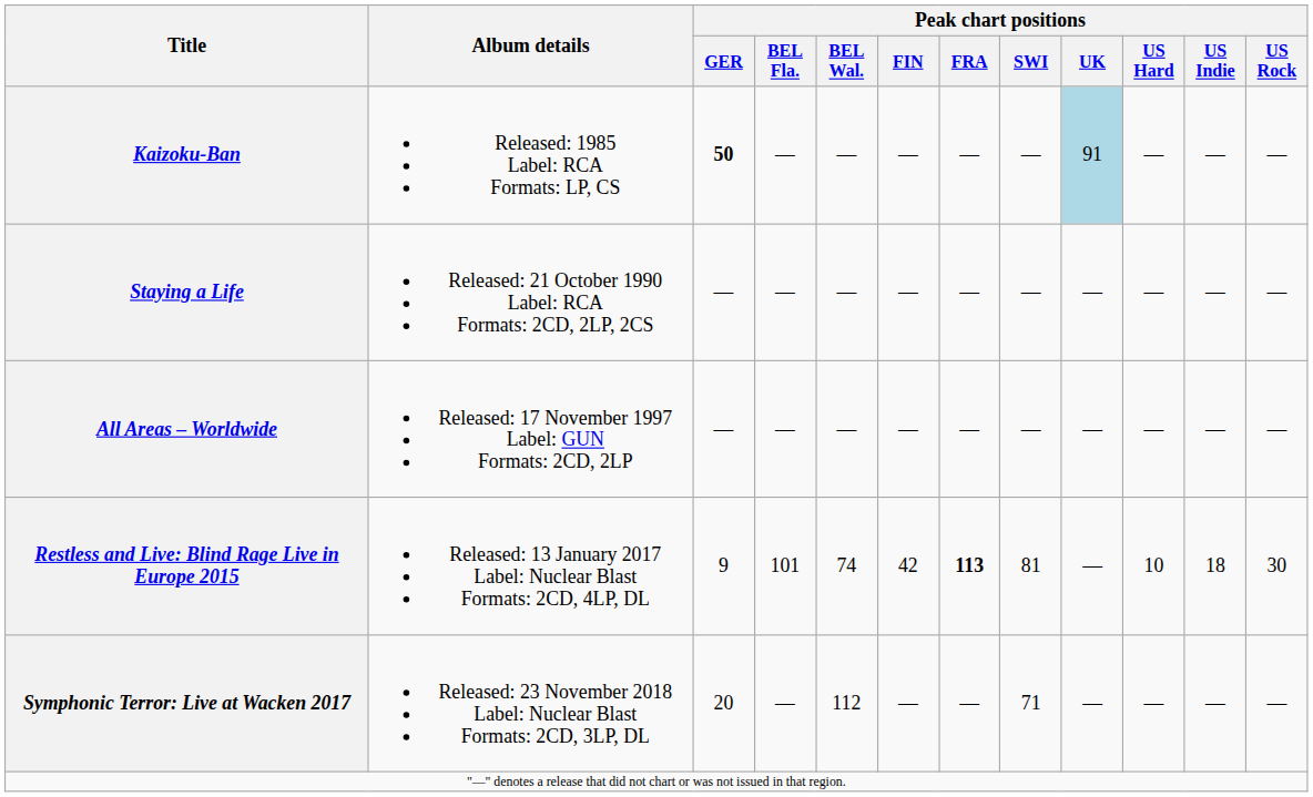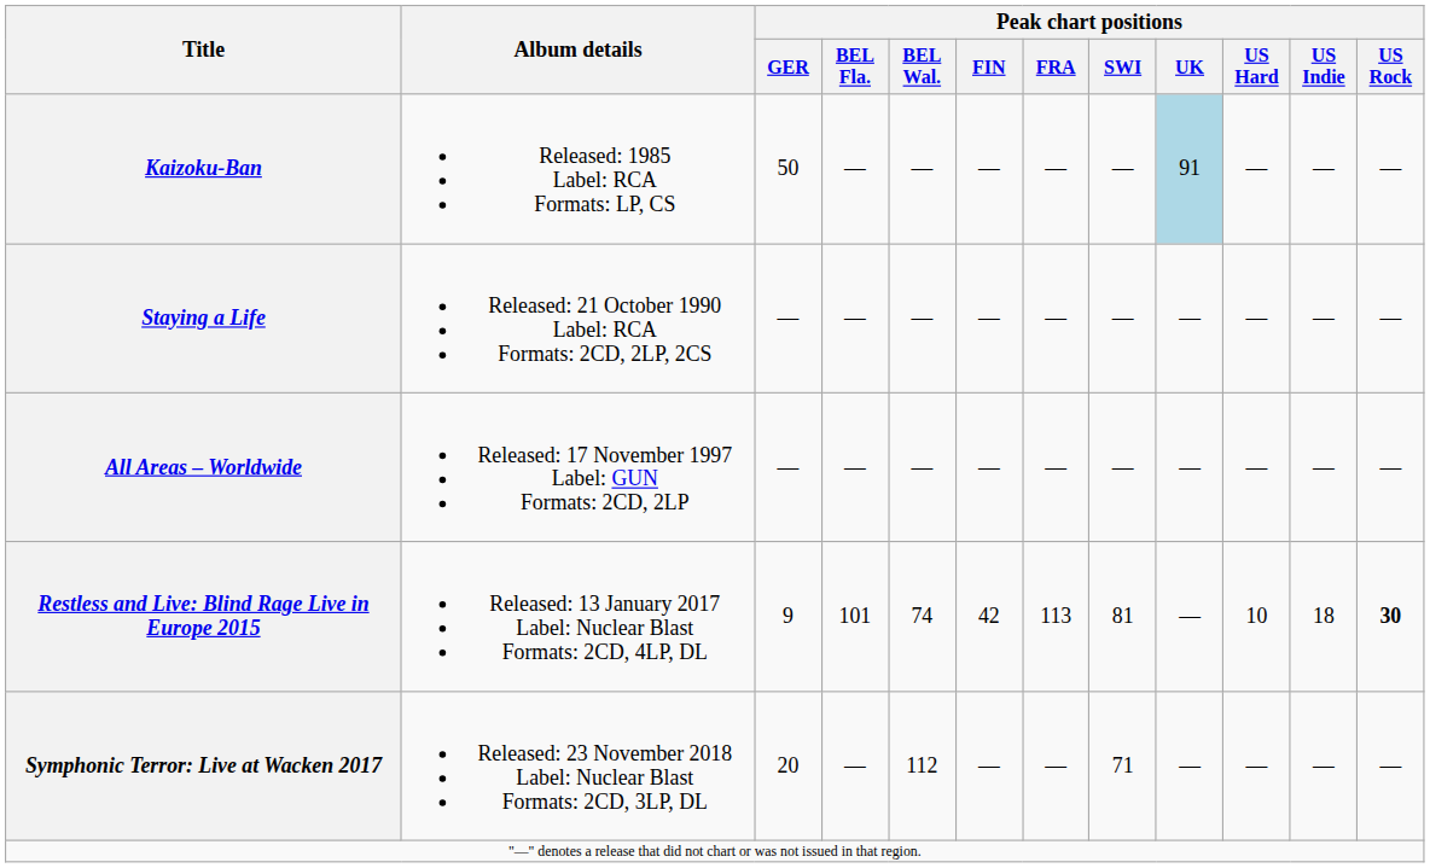 <table class="wikitable plainrowheaders" style="text-align:center;">
 <tr>
 <th scope="col" rowspan="2" style="width:18em;">Title</th>
 <th scope="col" rowspan="2" style="width:16em;">Album details</th>
 <th scope="col" colspan="10">Peak chart positions</th>
 </tr>
 <tr>
 <th scope="col" style="width:3em;font-size:90%;"><a href='#'>GER</a><br></th>
 <th scope="col" style="width:3em;font-size:90%;"><a href='#'>BEL<br>Fla.</a><br></th>
 <th scope="col" style="width:3em;font-size:90%;"><a href='#'>BEL<br>Wal.</a><br></th>
 <th scope="col" style="width:3em;font-size:90%;"><a href='#'>FIN</a><br></th>
 <th scope="col" style="width:3em;font-size:90%;"><a href='#'>FRA</a><br></th>
 <th scope="col" style="width:3em;font-size:90%;"><a href='#'>SWI</a><br></th>
 <th scope="col" style="width:3em;font-size:90%;"><a href='#'>UK</a><br></th>
 <th scope="col" style="width:3em;font-size:90%;"><a href='#'>US<br>Hard</a><br></th>
 <th scope="col" style="width:3em;font-size:90%;"><a href='#'>US<br>Indie</a><br></th>
 <th scope="col" style="width:3em;font-size:90%;"><a href='#'>US<br>Rock</a><br></th>
 </tr>
 <tr>
 <th scope="row"><em><a href='#'>Kaizoku-Ban</a></em></th>
 <td><br><ul><li>Released: 1985</li><li>Label: RCA</li><li>Formats: LP, CS</li></ul></td>
-<td><strong>50</strong></td>
+<td>50</td>
 <td>—</td>
 <td>—</td>
 <td>—</td>
 <td>—</td>
 <td>—</td>
 <td style="background: lightblue;">91</td>
 <td>—</td>
 <td>—</td>
 <td>—</td>
 </tr>
 <tr>
 <th scope="row"><em><a href='#'>Staying a Life</a></em></th>
 <td><br><ul><li>Released: 21 October 1990</li><li>Label: RCA</li><li>Formats: 2CD, 2LP, 2CS</li></ul></td>
 <td>—</td>
 <td>—</td>
 <td>—</td>
 <td>—</td>
 <td>—</td>
 <td>—</td>
 <td>—</td>
 <td>—</td>
 <td>—</td>
 <td>—</td>
 </tr>
 <tr>
 <th scope="row"><em><a href='#'>All Areas – Worldwide</a></em></th>
 <td><br><ul><li>Released: 17 November 1997</li><li>Label: <a href='#'>GUN</a></li><li>Formats: 2CD, 2LP</li></ul></td>
 <td>—</td>
 <td>—</td>
 <td>—</td>
 <td>—</td>
 <td>—</td>
 <td>—</td>
 <td>—</td>
 <td>—</td>
 <td>—</td>
 <td>—</td>
 </tr>
 <tr>
 <th scope="row"><em><a href='#'>Restless and Live: Blind Rage Live in Europe 2015</a></em></th>
 <td><br><ul><li>Released: 13 January 2017</li><li>Label: Nuclear Blast</li><li>Formats: 2CD, 4LP, DL</li></ul></td>
 <td>9</td>
 <td>101</td>
 <td>74</td>
 <td>42</td>
-<td><strong>113</strong></td>
+<td>113</td>
 <td>81</td>
 <td>—</td>
 <td>10</td>
 <td>18</td>
-<td>30</td>
+<td><strong>30</strong></td>
 </tr>
 <tr>
 <th scope="row"><em>Symphonic Terror: Live at Wacken 2017</em></th>
 <td><br><ul><li>Released: 23 November 2018</li><li>Label: Nuclear Blast</li><li>Formats: 2CD, 3LP, DL</li></ul></td>
 <td>20</td>
 <td>—</td>
 <td>112</td>
 <td>—</td>
 <td>—</td>
 <td>71</td>
 <td>—</td>
 <td>—</td>
 <td>—</td>
 <td>—</td>
 </tr>
 <tr>
 <td align="center" colspan="13" style="font-size: 8pt">"—" denotes a release that did not chart or was not issued in that region.</td>
 </tr>
 </table>
